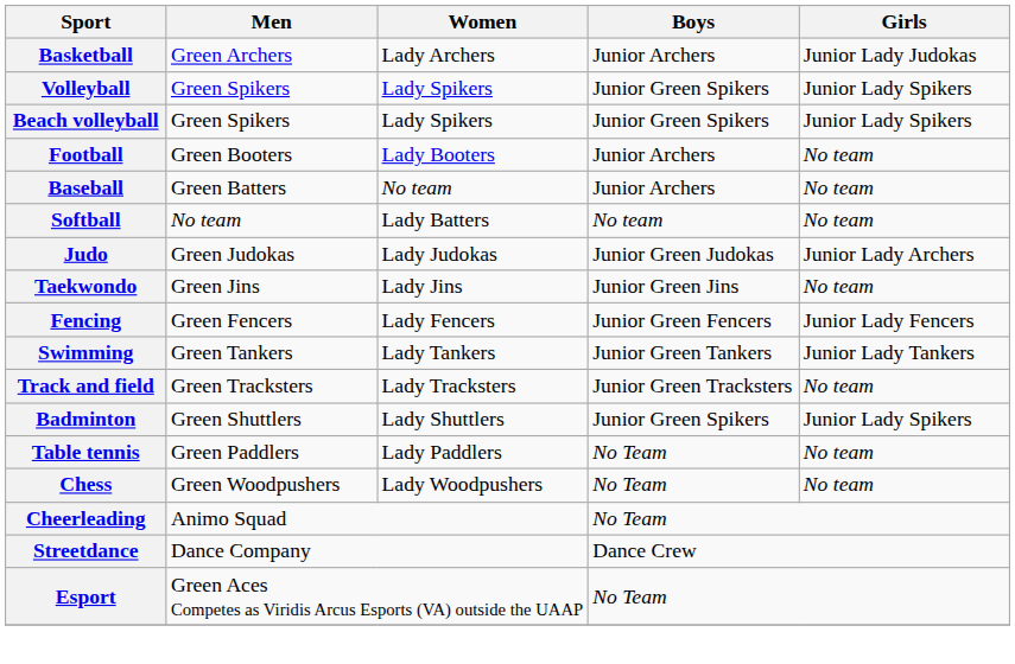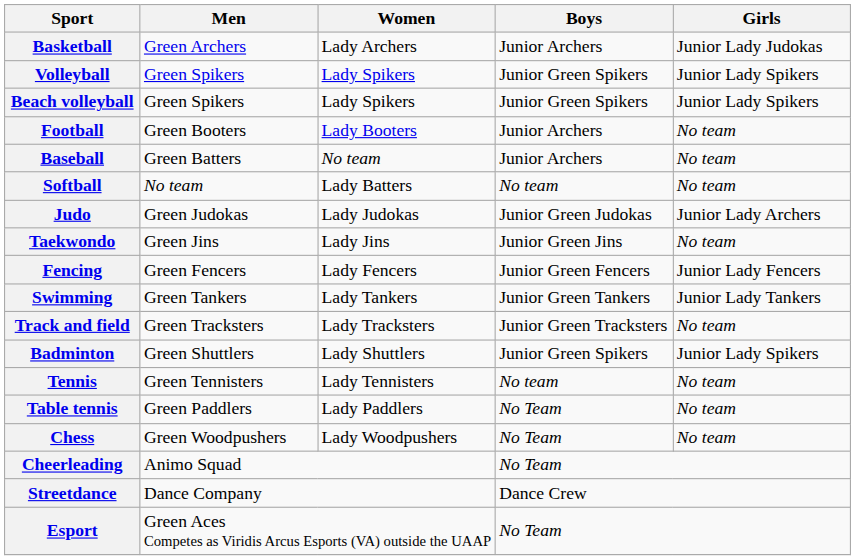 <table class="wikitable plainrowheaders" style="font-size:100%;">
 <tr>
 <th scope="col" style="width:16%;">Sport</th>
 <th scope="col" style="width:21%;">Men</th>
 <th scope="col" style="width:21%;">Women</th>
 <th scope="col" style="width:21%;">Boys</th>
 <th scope="col" style="width:21%;">Girls</th>
 </tr>
 <tr>
 <th scope="row"> <a href='#'>Basketball</a></th>
 <td><a href='#'>Green Archers</a></td>
 <td>Lady Archers</td>
 <td>Junior Archers</td>
 <td>Junior Lady Judokas</td>
 </tr>
 <tr>
 <th scope="row"> <a href='#'>Volleyball</a></th>
 <td><a href='#'>Green Spikers</a></td>
 <td><a href='#'>Lady Spikers</a></td>
 <td>Junior Green Spikers</td>
 <td>Junior Lady Spikers</td>
 </tr>
 <tr>
 <th scope="row"> <a href='#'>Beach volleyball</a></th>
 <td>Green Spikers</td>
 <td>Lady Spikers</td>
 <td>Junior Green Spikers</td>
 <td>Junior Lady Spikers</td>
 </tr>
 <tr>
 <th scope="row"> <a href='#'>Football</a></th>
 <td>Green Booters</td>
 <td><a href='#'>Lady Booters</a></td>
 <td>Junior Archers</td>
 <td><em>No team</em></td>
 </tr>
 <tr>
 <th scope="row"> <a href='#'>Baseball</a></th>
 <td>Green Batters</td>
 <td><em>No team</em></td>
 <td>Junior Archers</td>
 <td><em>No team</em></td>
 </tr>
 <tr>
 <th scope="row"> <a href='#'>Softball</a></th>
 <td><em>No team</em></td>
 <td>Lady Batters</td>
 <td><em>No team</em></td>
 <td><em>No team</em></td>
 </tr>
 <tr>
 <th scope="row"> <a href='#'>Judo</a></th>
 <td>Green Judokas</td>
 <td>Lady Judokas</td>
 <td>Junior Green Judokas</td>
 <td>Junior Lady Archers</td>
 </tr>
 <tr>
 <th scope="row"> <a href='#'>Taekwondo</a></th>
 <td>Green Jins</td>
 <td>Lady Jins</td>
 <td>Junior Green Jins</td>
 <td><em>No team</em></td>
 </tr>
 <tr>
 <th scope="row"> <a href='#'>Fencing</a></th>
 <td>Green Fencers</td>
 <td>Lady Fencers</td>
 <td>Junior Green Fencers</td>
 <td>Junior Lady Fencers</td>
 </tr>
 <tr>
 <th scope="row"> <a href='#'>Swimming</a></th>
 <td>Green Tankers</td>
 <td>Lady Tankers</td>
 <td>Junior Green Tankers</td>
 <td>Junior Lady Tankers</td>
 </tr>
 <tr>
 <th scope="row"> <a href='#'>Track and field</a></th>
 <td>Green Tracksters</td>
 <td>Lady Tracksters</td>
 <td>Junior Green Tracksters</td>
 <td><em>No team</em></td>
 </tr>
 <tr>
 <th scope="row"> <a href='#'>Badminton</a></th>
 <td>Green Shuttlers</td>
 <td>Lady Shuttlers</td>
 <td>Junior Green Spikers</td>
 <td>Junior Lady Spikers</td>
 </tr>
 <tr>
+<th scope="row"> <a href='#'>Tennis</a></th>
+<td>Green Tennisters</td>
+<td>Lady Tennisters</td>
+<td><em>No team</em></td>
+<td><em>No team</em></td>
+</tr>
+<tr>
 <th scope="row"> <a href='#'>Table tennis</a></th>
 <td>Green Paddlers</td>
 <td>Lady Paddlers</td>
 <td><em>No Team</em></td>
 <td><em>No team</em></td>
 </tr>
 <tr>
 <th scope="row"> <a href='#'>Chess</a></th>
 <td>Green Woodpushers</td>
 <td>Lady Woodpushers</td>
 <td><em>No Team</em></td>
 <td><em>No team</em></td>
 </tr>
 <tr>
 <th scope="row"> <a href='#'>Cheerleading</a></th>
 <td colspan="2">Animo Squad</td>
 <td colspan="2"><em>No Team</em></td>
 </tr>
 <tr>
 <th scope="row"> <a href='#'>Streetdance</a></th>
 <td colspan="2">Dance Company</td>
 <td colspan="2">Dance Crew</td>
 </tr>
 <tr>
 <th scope="row"> <a href='#'>Esport</a></th>
 <td colspan="2">Green Aces<br><small>Competes as Viridis Arcus Esports (VA) outside the UAAP</small></td>
 <td colspan="2"><em>No Team</em></td>
 </tr>
 <tr>
 </tr>
 </table>
